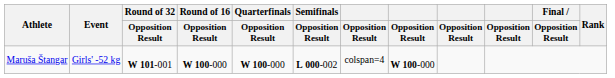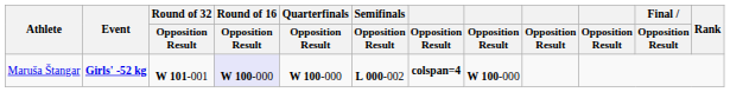 <table class="wikitable" style="font-size:90%">
 <tr>
 <th rowspan="2">Athlete</th>
 <th rowspan="2">Event</th>
 <th>Round of 32</th>
 <th>Round of 16</th>
 <th>Quarterfinals</th>
 <th>Semifinals</th>
 <th></th>
 <th></th>
 <th></th>
 <th></th>
 <th>Final / </th>
 <th rowspan=2>Rank</th>
 </tr>
 <tr style="font-size:95%">
 <th>Opposition<br>Result</th>
 <th>Opposition<br>Result</th>
 <th>Opposition<br>Result</th>
 <th>Opposition<br>Result</th>
 <th>Opposition<br>Result</th>
 <th>Opposition<br>Result</th>
 <th>Opposition<br>Result</th>
 <th>Opposition<br>Result</th>
 <th>Opposition<br>Result</th>
 </tr>
 <tr align=center>
 <td align=left><a href='#'>Maruša Štangar</a></td>
-<td align=left><a href='#'>Girls' -52 kg</a></td>
+<td align=left><strong><a href='#'>Girls' -52 kg</a></strong></td>
 <td><br><strong>W</strong> <strong>101</strong>-001</td>
-<td><br><strong>W</strong> <strong>100</strong>-000</td>
+<td style="background: lavender;"><br><strong>W</strong> <strong>100</strong>-000</td>
 <td><br><strong>W</strong> <strong>100</strong>-000</td>
 <td><br><strong>L</strong> <strong>000</strong>-002</td>
-<td>colspan=4 </td>
+<td><strong>colspan=4 </strong></td>
 <td><br><strong>W</strong> <strong>100</strong>-000</td>
 <td></td>
 </tr>
 </table>
